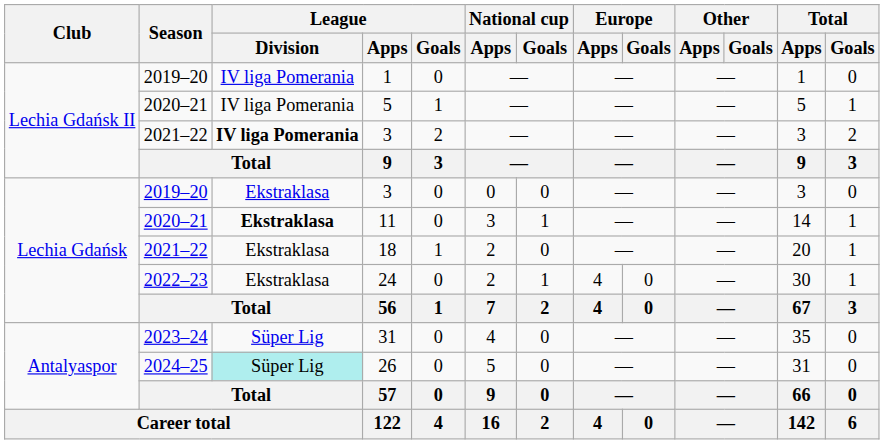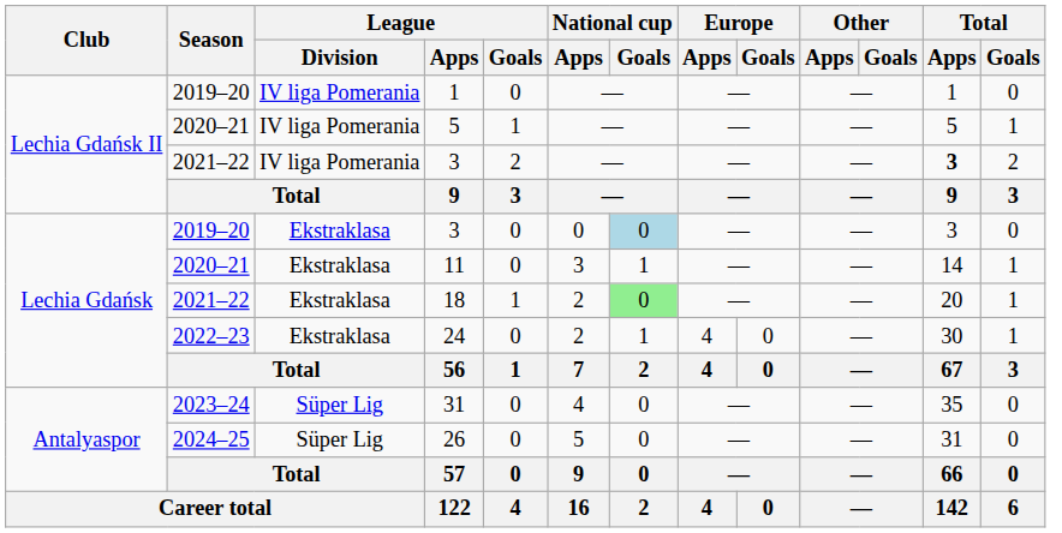 <table class="wikitable" style="text-align: center;">
 <tr>
 <th rowspan="2">Club</th>
 <th rowspan="2">Season</th>
 <th colspan="3">League</th>
 <th colspan="2">National cup</th>
 <th colspan="2">Europe</th>
 <th colspan="2">Other</th>
 <th colspan="2">Total</th>
 </tr>
 <tr>
 <th>Division</th>
 <th>Apps</th>
 <th>Goals</th>
 <th>Apps</th>
 <th>Goals</th>
 <th>Apps</th>
 <th>Goals</th>
 <th>Apps</th>
 <th>Goals</th>
 <th>Apps</th>
 <th>Goals</th>
 </tr>
 <tr>
 <td rowspan="4"><a href='#'>Lechia Gdańsk II</a></td>
 <td>2019–20</td>
 <td><a href='#'>IV liga Pomerania</a></td>
 <td>1</td>
 <td>0</td>
 <td colspan="2">—</td>
 <td colspan="2">—</td>
 <td colspan="2">—</td>
 <td>1</td>
 <td>0</td>
 </tr>
 <tr>
 <td>2020–21</td>
 <td>IV liga Pomerania</td>
 <td>5</td>
 <td>1</td>
 <td colspan="2">—</td>
 <td colspan="2">—</td>
 <td colspan="2">—</td>
 <td>5</td>
 <td>1</td>
 </tr>
 <tr>
 <td>2021–22</td>
-<td><strong>IV liga Pomerania</strong></td>
+<td>IV liga Pomerania</td>
 <td>3</td>
 <td>2</td>
 <td colspan="2">—</td>
 <td colspan="2">—</td>
 <td colspan="2">—</td>
-<td>3</td>
+<td><strong>3</strong></td>
 <td>2</td>
 </tr>
 <tr>
 <th colspan="2">Total</th>
 <th>9</th>
 <th>3</th>
 <th colspan="2">—</th>
 <th colspan="2">—</th>
 <th colspan="2">—</th>
 <th>9</th>
 <th>3</th>
 </tr>
 <tr>
 <td rowspan="5"><a href='#'>Lechia Gdańsk</a></td>
 <td><a href='#'>2019–20</a></td>
 <td><a href='#'>Ekstraklasa</a></td>
 <td>3</td>
 <td>0</td>
 <td>0</td>
-<td>0</td>
+<td style="background: lightblue;">0</td>
 <td colspan="2">—</td>
 <td colspan="2">—</td>
 <td>3</td>
 <td>0</td>
 </tr>
 <tr>
 <td><a href='#'>2020–21</a></td>
-<td><strong>Ekstraklasa</strong></td>
+<td>Ekstraklasa</td>
 <td>11</td>
 <td>0</td>
 <td>3</td>
 <td>1</td>
 <td colspan="2">—</td>
 <td colspan="2">—</td>
 <td>14</td>
 <td>1</td>
 </tr>
 <tr>
 <td><a href='#'>2021–22</a></td>
 <td>Ekstraklasa</td>
 <td>18</td>
 <td>1</td>
 <td>2</td>
-<td>0</td>
+<td style="background: lightgreen;">0</td>
 <td colspan="2">—</td>
 <td colspan="2">—</td>
 <td>20</td>
 <td>1</td>
 </tr>
 <tr>
 <td><a href='#'>2022–23</a></td>
 <td>Ekstraklasa</td>
 <td>24</td>
 <td>0</td>
 <td>2</td>
 <td>1</td>
 <td>4</td>
 <td>0</td>
 <td colspan="2">—</td>
 <td>30</td>
 <td>1</td>
 </tr>
 <tr>
 <th colspan="2">Total</th>
 <th>56</th>
 <th>1</th>
 <th>7</th>
 <th>2</th>
 <th>4</th>
 <th>0</th>
 <th colspan="2">—</th>
 <th>67</th>
 <th>3</th>
 </tr>
 <tr>
 <td rowspan="3"><a href='#'>Antalyaspor</a></td>
 <td><a href='#'>2023–24</a></td>
 <td><a href='#'>Süper Lig</a></td>
 <td>31</td>
 <td>0</td>
 <td>4</td>
 <td>0</td>
 <td colspan="2">—</td>
 <td colspan="2">—</td>
 <td>35</td>
 <td>0</td>
 </tr>
 <tr>
 <td><a href='#'>2024–25</a></td>
-<td style="background: paleturquoise;">Süper Lig</td>
+<td>Süper Lig</td>
 <td>26</td>
 <td>0</td>
 <td>5</td>
 <td>0</td>
 <td colspan="2">—</td>
 <td colspan="2">—</td>
 <td>31</td>
 <td>0</td>
 </tr>
 <tr>
 <th colspan="2">Total</th>
 <th>57</th>
 <th>0</th>
 <th>9</th>
 <th>0</th>
 <th colspan="2">—</th>
 <th colspan="2">—</th>
 <th>66</th>
 <th>0</th>
 </tr>
 <tr>
 <th colspan="3">Career total</th>
 <th>122</th>
 <th>4</th>
 <th>16</th>
 <th>2</th>
 <th>4</th>
 <th>0</th>
 <th colspan="2">—</th>
 <th>142</th>
 <th>6</th>
 </tr>
 </table>
